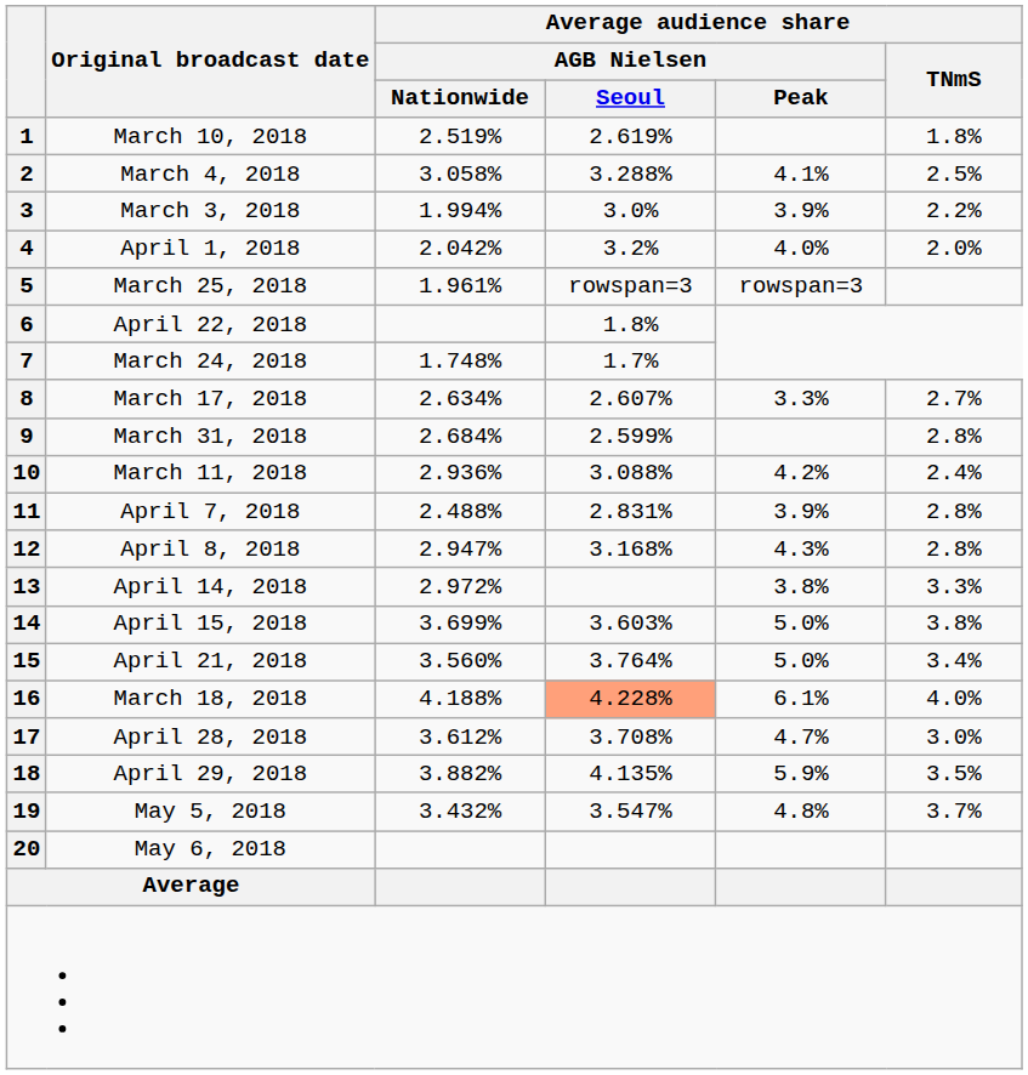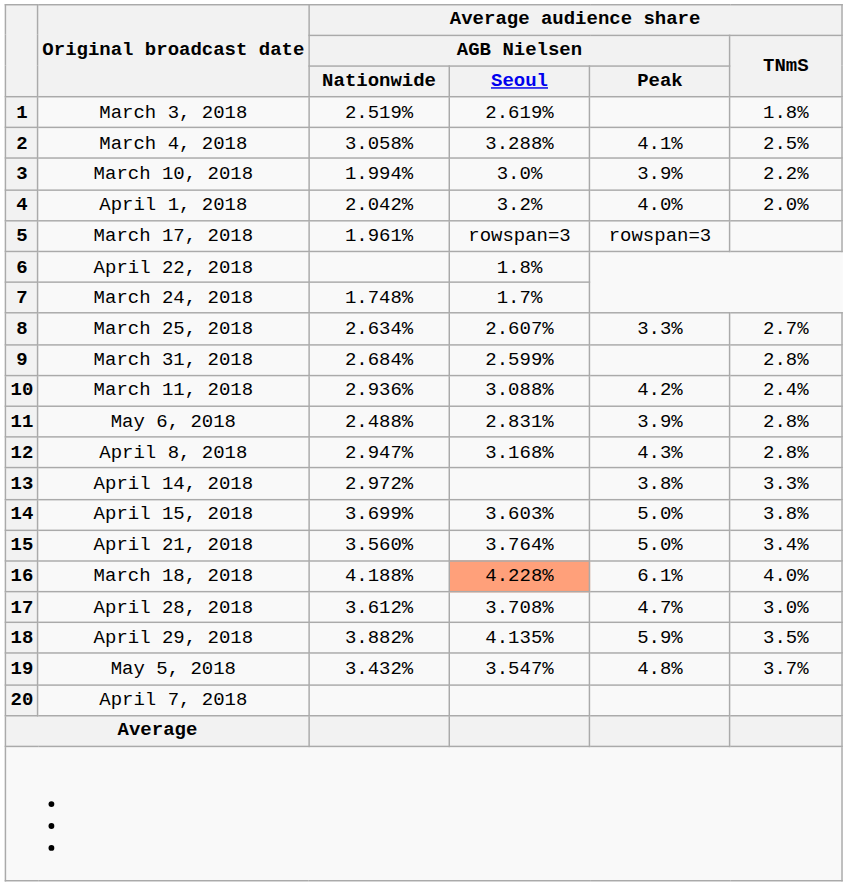 <table class="wikitable" style="text-align:center; margin-left: auto; margin-right: auto; border: none;">
 <tr>
 </tr>
 <tr>
 <th rowspan="3"></th>
 <th rowspan="3">Original broadcast date</th>
 <th colspan="4">Average audience share</th>
 </tr>
 <tr>
 <th colspan="3">AGB Nielsen</th>
 <th rowspan="2" width="70">TNmS</th>
 </tr>
 <tr>
 <th width="90">Nationwide</th>
 <th width="90"><a href='#'>Seoul</a></th>
 <th width="90">Peak</th>
 </tr>
 <tr>
 <th>1</th>
-<td>March 10, 2018</td>
+<td>March 3, 2018</td>
 <td>2.519%</td>
 <td>2.619%</td>
 <td></td>
 <td>1.8%</td>
 </tr>
 <tr>
 <th>2</th>
 <td>March 4, 2018</td>
 <td>3.058%</td>
 <td>3.288%</td>
 <td>4.1%</td>
 <td>2.5%</td>
 </tr>
 <tr>
 <th>3</th>
-<td>March 3, 2018</td>
+<td>March 10, 2018</td>
 <td>1.994%</td>
 <td>3.0%</td>
 <td>3.9%</td>
 <td>2.2%</td>
 </tr>
 <tr>
 <th>4</th>
 <td>April 1, 2018</td>
 <td>2.042%</td>
 <td>3.2%</td>
 <td>4.0%</td>
 <td>2.0%</td>
 </tr>
 <tr>
 <th>5</th>
-<td>March 25, 2018</td>
+<td>March 17, 2018</td>
 <td>1.961%</td>
 <td>rowspan=3 </td>
 <td>rowspan=3 </td>
 <td></td>
 </tr>
 <tr>
 <th>6</th>
 <td>April 22, 2018</td>
 <td></td>
 <td>1.8%</td>
 </tr>
 <tr>
 <th>7</th>
 <td>March 24, 2018</td>
 <td>1.748%</td>
 <td>1.7%</td>
 </tr>
 <tr>
 <th>8</th>
-<td>March 17, 2018</td>
+<td>March 25, 2018</td>
 <td>2.634%</td>
 <td>2.607%</td>
 <td>3.3%</td>
 <td>2.7%</td>
 </tr>
 <tr>
 <th>9</th>
 <td>March 31, 2018</td>
 <td>2.684%</td>
 <td>2.599%</td>
 <td></td>
 <td>2.8%</td>
 </tr>
 <tr>
 <th>10</th>
 <td>March 11, 2018</td>
 <td>2.936%</td>
 <td>3.088%</td>
 <td>4.2%</td>
 <td>2.4%</td>
 </tr>
 <tr>
 <th>11</th>
-<td>April 7, 2018</td>
+<td>May 6, 2018</td>
 <td>2.488%</td>
 <td>2.831%</td>
 <td>3.9%</td>
 <td>2.8%</td>
 </tr>
 <tr>
 <th>12</th>
 <td>April 8, 2018</td>
 <td>2.947%</td>
 <td>3.168%</td>
 <td>4.3%</td>
 <td>2.8%</td>
 </tr>
 <tr>
 <th>13</th>
 <td>April 14, 2018</td>
 <td>2.972%</td>
 <td></td>
 <td>3.8%</td>
 <td>3.3%</td>
 </tr>
 <tr>
 <th>14</th>
 <td>April 15, 2018</td>
 <td>3.699%</td>
 <td>3.603%</td>
 <td>5.0%</td>
 <td>3.8%</td>
 </tr>
 <tr>
 <th>15</th>
 <td>April 21, 2018</td>
 <td>3.560%</td>
 <td>3.764%</td>
 <td>5.0%</td>
 <td>3.4%</td>
 </tr>
 <tr>
 <th>16</th>
 <td>March 18, 2018</td>
 <td>4.188%</td>
 <td style="background: lightsalmon;">4.228%</td>
 <td>6.1%</td>
 <td>4.0%</td>
 </tr>
 <tr>
 <th>17</th>
 <td>April 28, 2018</td>
 <td>3.612%</td>
 <td>3.708%</td>
 <td>4.7%</td>
 <td>3.0%</td>
 </tr>
 <tr>
 <th>18</th>
 <td>April 29, 2018</td>
 <td>3.882%</td>
 <td>4.135%</td>
 <td>5.9%</td>
 <td>3.5%</td>
 </tr>
 <tr>
 <th>19</th>
 <td>May 5, 2018</td>
 <td>3.432%</td>
 <td>3.547%</td>
 <td>4.8%</td>
 <td>3.7%</td>
 </tr>
 <tr>
 <th>20</th>
-<td>May 6, 2018</td>
+<td>April 7, 2018</td>
 <td></td>
 <td></td>
 <td></td>
 <td></td>
 </tr>
 <tr>
 <th colspan="2">Average</th>
 <th></th>
 <th></th>
 <th></th>
 <th></th>
 </tr>
 <tr>
 <td colspan="6"><br><ul><li></li><li></li><li></li></ul></td>
 </tr>
 </table>
